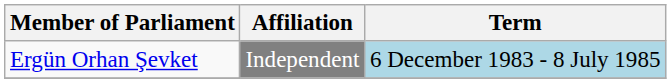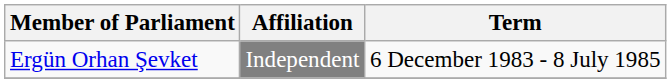 <table class="wikitable">
 <tr>
 <th>Member of Parliament</th>
 <th>Affiliation</th>
 <th>Term</th>
 </tr>
 <tr>
 <td><a href='#'>Ergün Orhan Şevket</a></td>
 <td style="background:gray; color:white">Independent</td>
-<td style="background: lightblue;">6 December 1983 - 8 July 1985</td>
+<td>6 December 1983 - 8 July 1985</td>
 </tr>
 <tr>
 </tr>
 </table>
